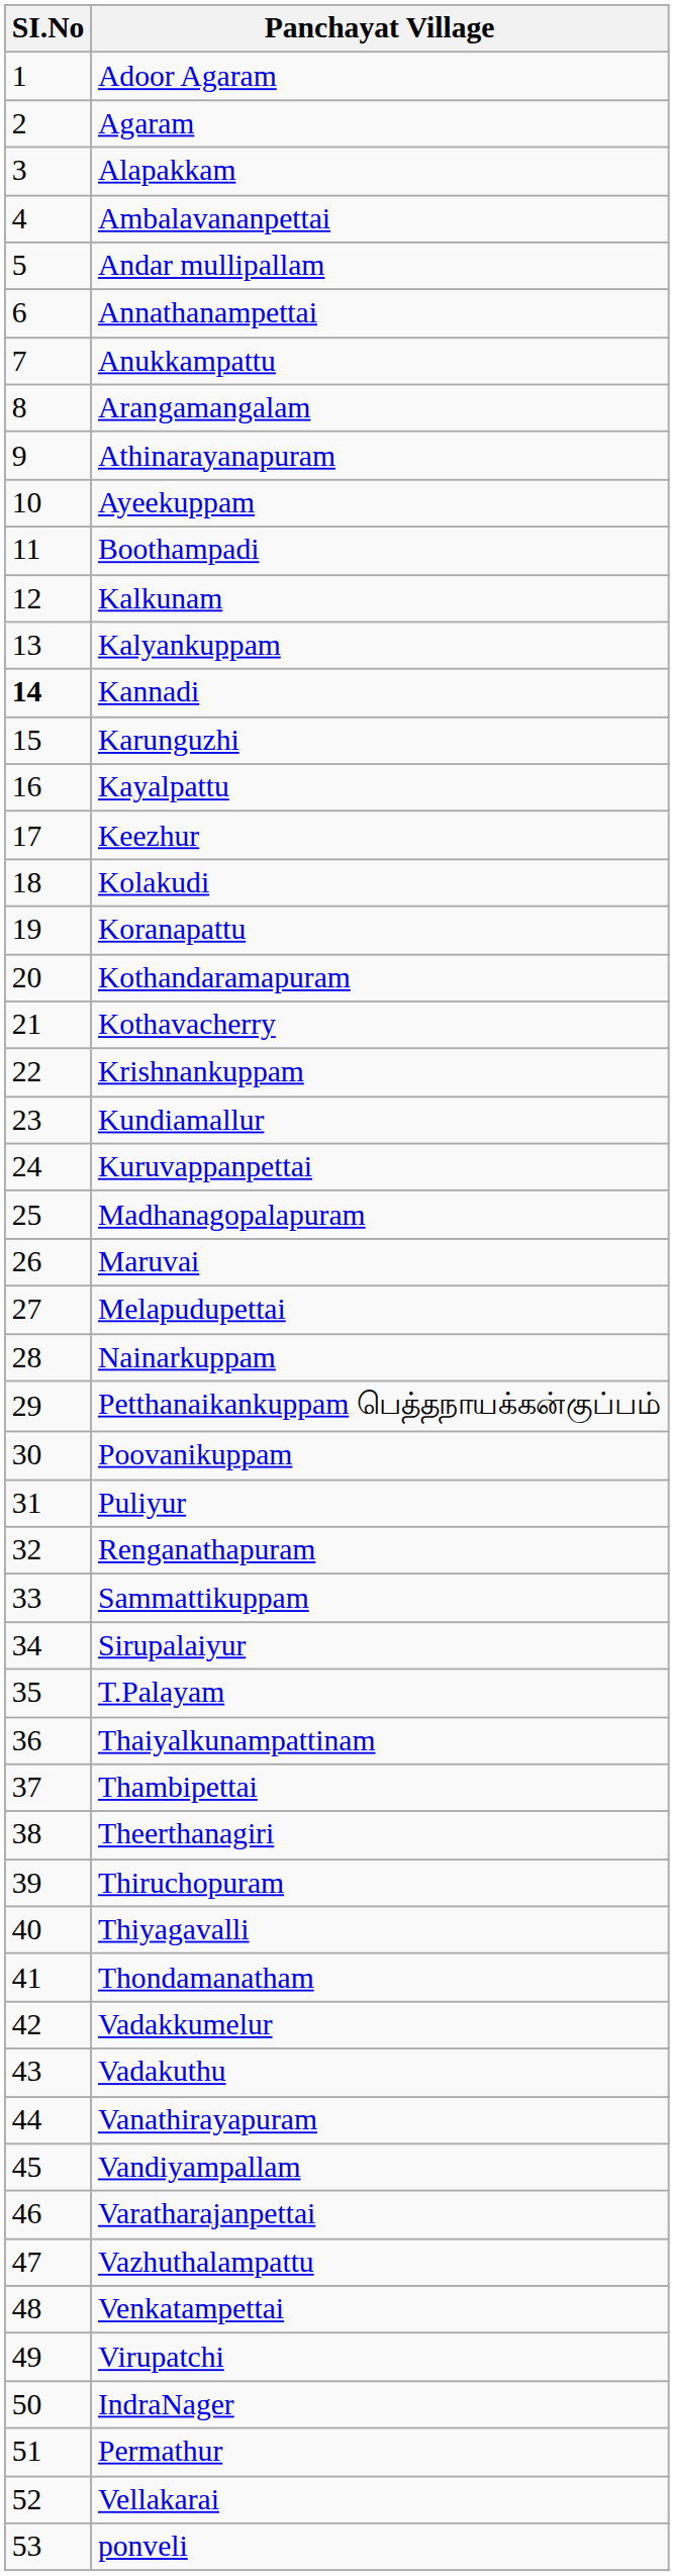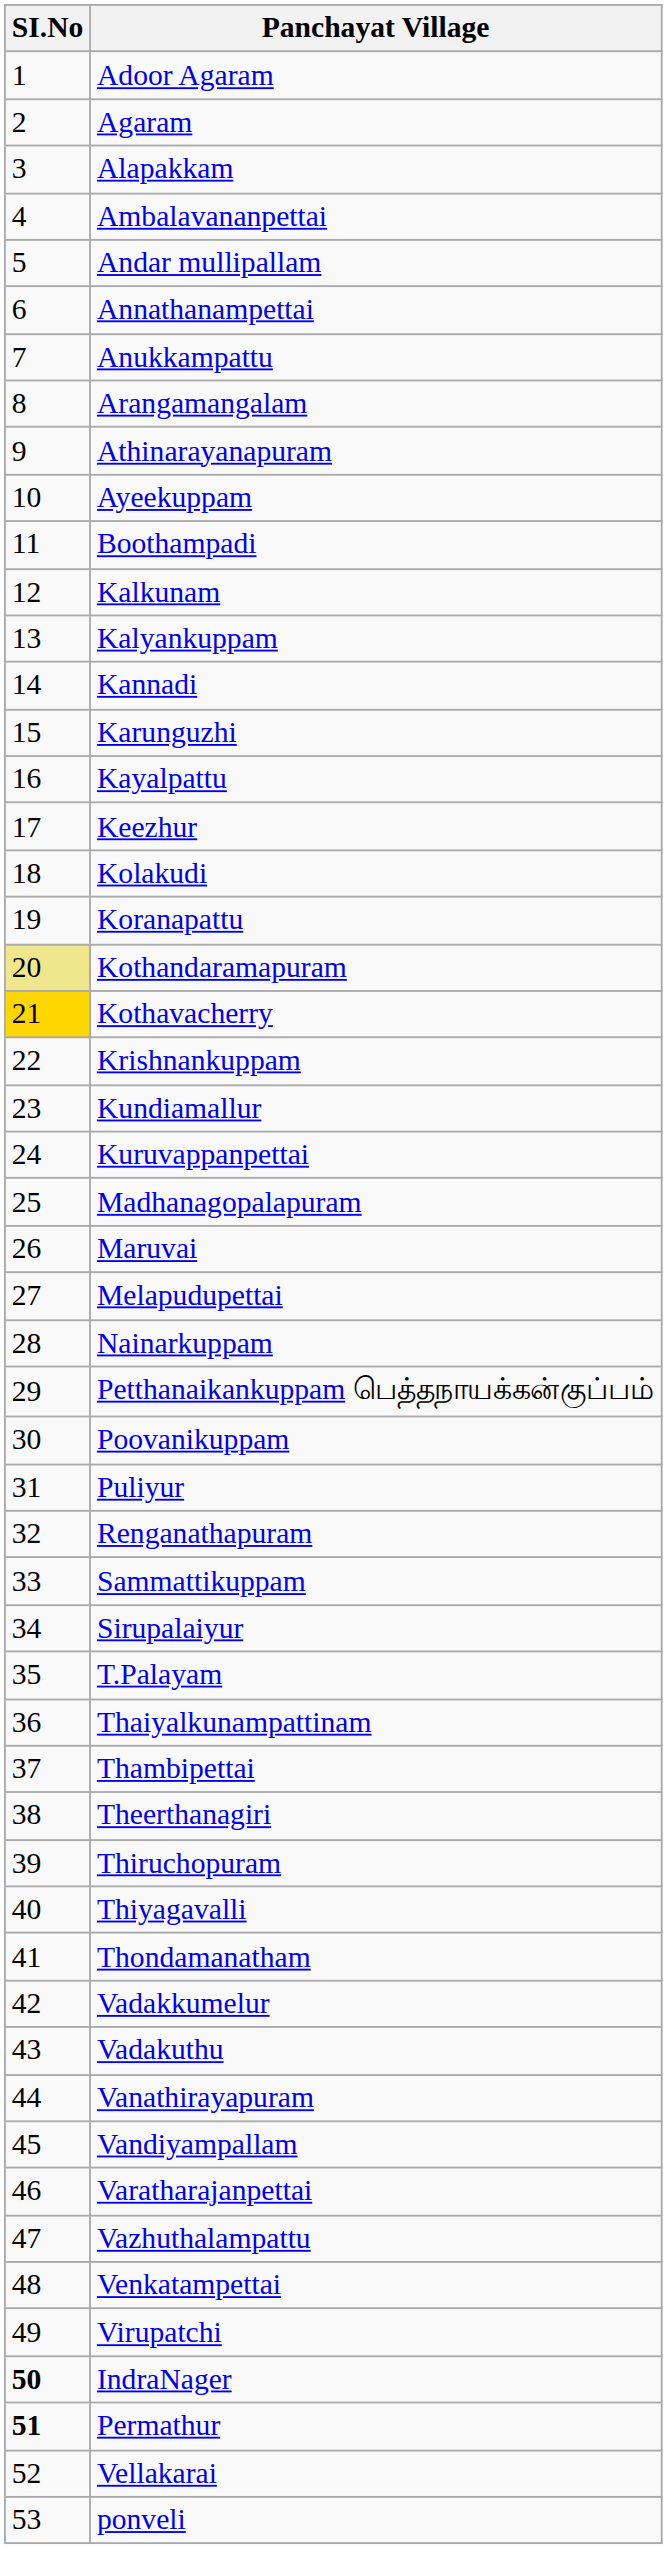 <table class="wikitable sortable">
 <tr>
 <th>SI.No</th>
 <th>Panchayat Village</th>
 </tr>
 <tr>
 <td>1</td>
 <td><a href='#'>Adoor Agaram</a></td>
 </tr>
 <tr>
 <td>2</td>
 <td><a href='#'>Agaram</a></td>
 </tr>
 <tr>
 <td>3</td>
 <td><a href='#'>Alapakkam</a></td>
 </tr>
 <tr>
 <td>4</td>
 <td><a href='#'>Ambalavananpettai</a></td>
 </tr>
 <tr>
 <td>5</td>
 <td><a href='#'>Andar mullipallam</a></td>
 </tr>
 <tr>
 <td>6</td>
 <td><a href='#'>Annathanampettai</a></td>
 </tr>
 <tr>
 <td>7</td>
 <td><a href='#'>Anukkampattu</a></td>
 </tr>
 <tr>
 <td>8</td>
 <td><a href='#'>Arangamangalam</a></td>
 </tr>
 <tr>
 <td>9</td>
 <td><a href='#'>Athinarayanapuram</a></td>
 </tr>
 <tr>
 <td>10</td>
 <td><a href='#'>Ayeekuppam</a></td>
 </tr>
 <tr>
 <td>11</td>
 <td><a href='#'>Boothampadi</a></td>
 </tr>
 <tr>
 <td>12</td>
 <td><a href='#'>Kalkunam</a></td>
 </tr>
 <tr>
 <td>13</td>
 <td><a href='#'>Kalyankuppam</a></td>
 </tr>
 <tr>
-<td><strong>14</strong></td>
+<td>14</td>
 <td><a href='#'>Kannadi</a></td>
 </tr>
 <tr>
 <td>15</td>
 <td><a href='#'>Karunguzhi</a></td>
 </tr>
 <tr>
 <td>16</td>
 <td><a href='#'>Kayalpattu</a></td>
 </tr>
 <tr>
 <td>17</td>
 <td><a href='#'>Keezhur</a></td>
 </tr>
 <tr>
 <td>18</td>
 <td><a href='#'>Kolakudi</a></td>
 </tr>
 <tr>
 <td>19</td>
 <td><a href='#'>Koranapattu</a></td>
 </tr>
 <tr>
-<td>20</td>
+<td style="background: khaki;">20</td>
 <td><a href='#'>Kothandaramapuram</a></td>
 </tr>
 <tr>
-<td>21</td>
+<td style="background: gold;">21</td>
 <td><a href='#'>Kothavacherry</a></td>
 </tr>
 <tr>
 <td>22</td>
 <td><a href='#'>Krishnankuppam</a></td>
 </tr>
 <tr>
 <td>23</td>
 <td><a href='#'>Kundiamallur</a></td>
 </tr>
 <tr>
 <td>24</td>
 <td><a href='#'>Kuruvappanpettai</a></td>
 </tr>
 <tr>
 <td>25</td>
 <td><a href='#'>Madhanagopalapuram</a></td>
 </tr>
 <tr>
 <td>26</td>
 <td><a href='#'>Maruvai</a></td>
 </tr>
 <tr>
 <td>27</td>
 <td><a href='#'>Melapudupettai</a></td>
 </tr>
 <tr>
 <td>28</td>
 <td><a href='#'>Nainarkuppam</a></td>
 </tr>
 <tr>
 <td>29</td>
 <td><a href='#'>Petthanaikankuppam</a> பெத்தநாயக்கன்குப்பம்</td>
 </tr>
 <tr>
 <td>30</td>
 <td><a href='#'>Poovanikuppam</a></td>
 </tr>
 <tr>
 <td>31</td>
 <td><a href='#'>Puliyur</a></td>
 </tr>
 <tr>
 <td>32</td>
 <td><a href='#'>Renganathapuram</a></td>
 </tr>
 <tr>
 <td>33</td>
 <td><a href='#'>Sammattikuppam</a></td>
 </tr>
 <tr>
 <td>34</td>
 <td><a href='#'>Sirupalaiyur</a></td>
 </tr>
 <tr>
 <td>35</td>
 <td><a href='#'>T.Palayam</a></td>
 </tr>
 <tr>
 <td>36</td>
 <td><a href='#'>Thaiyalkunampattinam</a></td>
 </tr>
 <tr>
 <td>37</td>
 <td><a href='#'>Thambipettai</a></td>
 </tr>
 <tr>
 <td>38</td>
 <td><a href='#'>Theerthanagiri</a></td>
 </tr>
 <tr>
 <td>39</td>
 <td><a href='#'>Thiruchopuram</a></td>
 </tr>
 <tr>
 <td>40</td>
 <td><a href='#'>Thiyagavalli</a></td>
 </tr>
 <tr>
 <td>41</td>
 <td><a href='#'>Thondamanatham</a></td>
 </tr>
 <tr>
 <td>42</td>
 <td><a href='#'>Vadakkumelur</a></td>
 </tr>
 <tr>
 <td>43</td>
 <td><a href='#'>Vadakuthu</a></td>
 </tr>
 <tr>
 <td>44</td>
 <td><a href='#'>Vanathirayapuram</a></td>
 </tr>
 <tr>
 <td>45</td>
 <td><a href='#'>Vandiyampallam</a></td>
 </tr>
 <tr>
 <td>46</td>
 <td><a href='#'>Varatharajanpettai</a></td>
 </tr>
 <tr>
 <td>47</td>
 <td><a href='#'>Vazhuthalampattu</a></td>
 </tr>
 <tr>
 <td>48</td>
 <td><a href='#'>Venkatampettai</a></td>
 </tr>
 <tr>
 <td>49</td>
 <td><a href='#'>Virupatchi</a></td>
 </tr>
 <tr>
-<td>50</td>
+<td><strong>50</strong></td>
 <td><a href='#'>IndraNager</a></td>
 </tr>
 <tr>
-<td>51</td>
+<td><strong>51</strong></td>
 <td><a href='#'>Permathur</a></td>
 </tr>
 <tr>
 <td>52</td>
 <td><a href='#'>Vellakarai</a></td>
 </tr>
 <tr>
 <td>53</td>
 <td><a href='#'>ponveli</a></td>
 </tr>
 </table>
